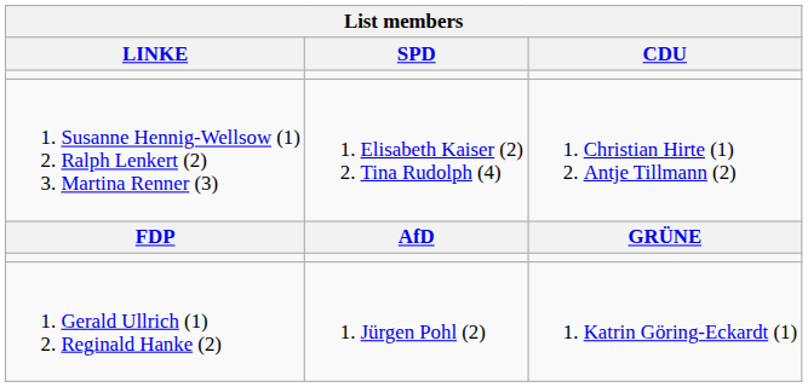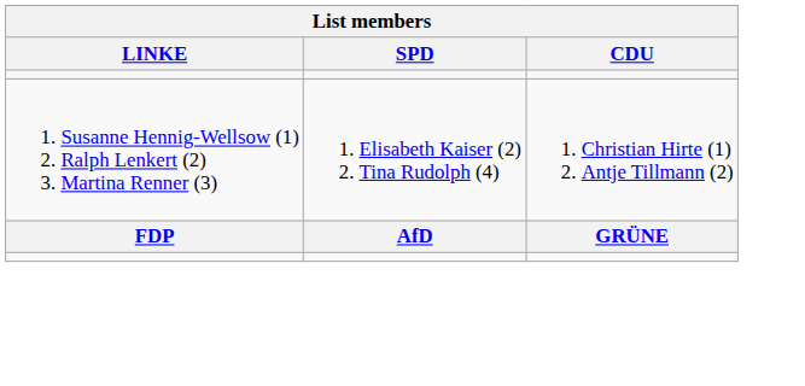 <table class=wikitable>
 <tr>
 <th colspan=3>List members</th>
 </tr>
 <tr>
 <th><a href='#'>LINKE</a></th>
 <th><a href='#'>SPD</a></th>
 <th><a href='#'>CDU</a></th>
 </tr>
 <tr>
 <td bgcolor=></td>
 <td bgcolor=></td>
 <td bgcolor=></td>
 </tr>
 <tr>
 <td><br><ol><li><a href='#'>Susanne Hennig-Wellsow</a> (1)</li><li><a href='#'>Ralph Lenkert</a> (2)</li><li><a href='#'>Martina Renner</a> (3)</li></ol></td>
 <td><br><ol><li><a href='#'>Elisabeth Kaiser</a> (2)</li><li><a href='#'>Tina Rudolph</a> (4)</li></ol></td>
 <td><br><ol><li><a href='#'>Christian Hirte</a> (1)</li><li><a href='#'>Antje Tillmann</a> (2)</li></ol></td>
 </tr>
 <tr>
 <th><a href='#'>FDP</a></th>
 <th><a href='#'>AfD</a></th>
 <th><a href='#'>GRÜNE</a></th>
 </tr>
 <tr>
 <td bgcolor=></td>
 <td bgcolor=></td>
 <td bgcolor=></td>
 </tr>
-<tr>
-<td><br><ol><li><a href='#'>Gerald Ullrich</a> (1)</li><li><a href='#'>Reginald Hanke</a> (2)</li></ol></td>
-<td><br><ol><li><a href='#'>Jürgen Pohl</a> (2)</li></ol></td>
-<td><br><ol><li><a href='#'>Katrin Göring-Eckardt</a> (1)</li></ol></td>
-</tr>
 </table>
